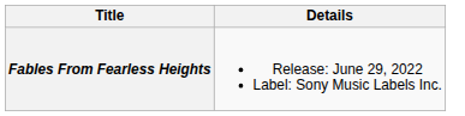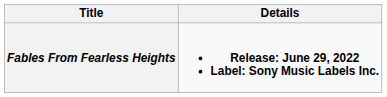 <table class="wikitable plainrowheaders" style="text-align:center;">
 <tr>
 <th scope="col">Title</th>
 <th scope="col">Details</th>
 </tr>
 <tr>
 <th scope="row"><em>Fables From Fearless Heights</em></th>
-<td><br><ul><li>Release: June 29, 2022</li><li>Label: Sony Music Labels Inc.</li></ul></td>
+<td><strong><br><ul><li>Release: June 29, 2022</li><li>Label: Sony Music Labels Inc.</li></ul></strong></td>
 </tr>
 </table>
